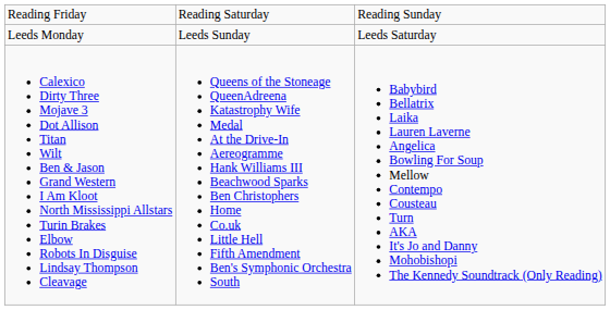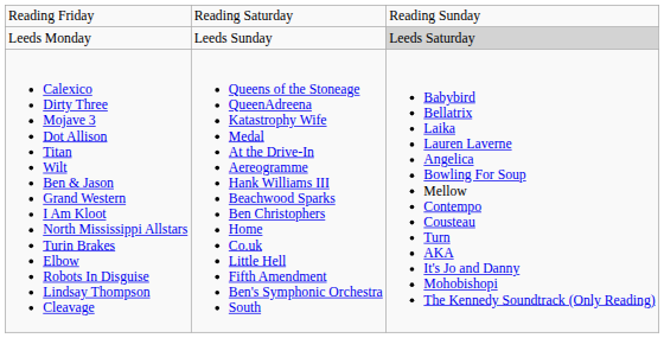 <table class="wikitable">
 <tr>
 <td>Reading Friday</td>
 <td>Reading Saturday</td>
 <td>Reading Sunday</td>
 </tr>
 <tr>
 <td>Leeds Monday</td>
 <td>Leeds Sunday</td>
-<td>Leeds Saturday</td>
+<td style="background: lightgrey;">Leeds Saturday</td>
 </tr>
 <tr>
 <td><br><ul><li><a href='#'>Calexico</a></li><li><a href='#'>Dirty Three</a></li><li><a href='#'>Mojave 3</a></li><li><a href='#'>Dot Allison</a></li><li><a href='#'>Titan</a></li><li><a href='#'>Wilt</a></li><li><a href='#'>Ben & Jason</a></li><li><a href='#'>Grand Western</a></li><li><a href='#'>I Am Kloot</a></li><li><a href='#'>North Mississippi Allstars</a></li><li><a href='#'>Turin Brakes</a></li><li><a href='#'>Elbow</a></li><li><a href='#'>Robots In Disguise</a></li><li><a href='#'>Lindsay Thompson</a></li><li><a href='#'>Cleavage</a></li></ul></td>
 <td><br><ul><li><a href='#'>Queens of the Stoneage</a></li><li><a href='#'>QueenAdreena</a></li><li><a href='#'>Katastrophy Wife</a></li><li><a href='#'>Medal</a></li><li><a href='#'>At the Drive-In</a></li><li><a href='#'>Aereogramme</a></li><li><a href='#'>Hank Williams III</a></li><li><a href='#'>Beachwood Sparks</a></li><li><a href='#'>Ben Christophers</a></li><li><a href='#'>Home</a></li><li><a href='#'>Co.uk</a></li><li><a href='#'>Little Hell</a></li><li><a href='#'>Fifth Amendment</a></li><li><a href='#'>Ben's Symphonic Orchestra</a></li><li><a href='#'>South</a></li></ul></td>
 <td><br><ul><li><a href='#'>Babybird</a></li><li><a href='#'>Bellatrix</a></li><li><a href='#'>Laika</a></li><li><a href='#'>Lauren Laverne</a></li><li><a href='#'>Angelica</a></li><li><a href='#'>Bowling For Soup</a></li><li>Mellow</li><li><a href='#'>Contempo</a></li><li><a href='#'>Cousteau</a></li><li><a href='#'>Turn</a></li><li><a href='#'>AKA</a></li><li><a href='#'>It's Jo and Danny</a></li><li><a href='#'>Mohobishopi</a></li><li><a href='#'>The Kennedy Soundtrack (Only Reading)</a></li></ul></td>
 </tr>
 </table>
